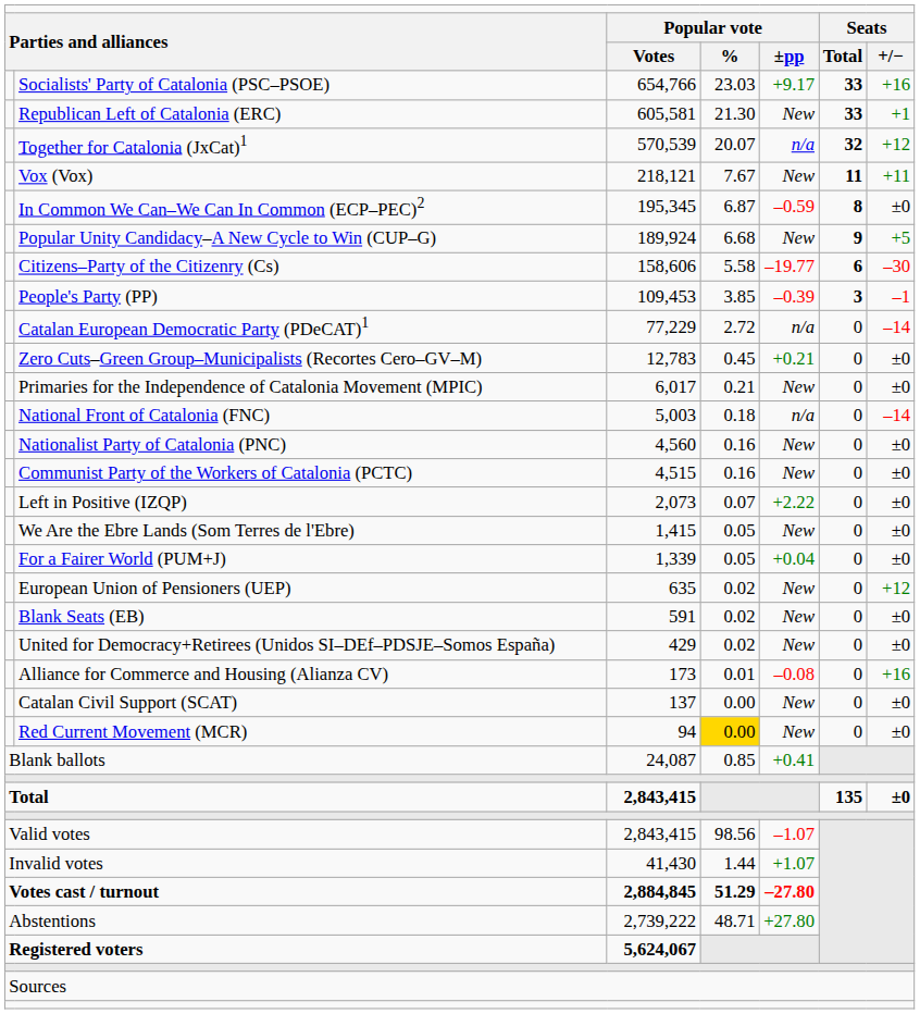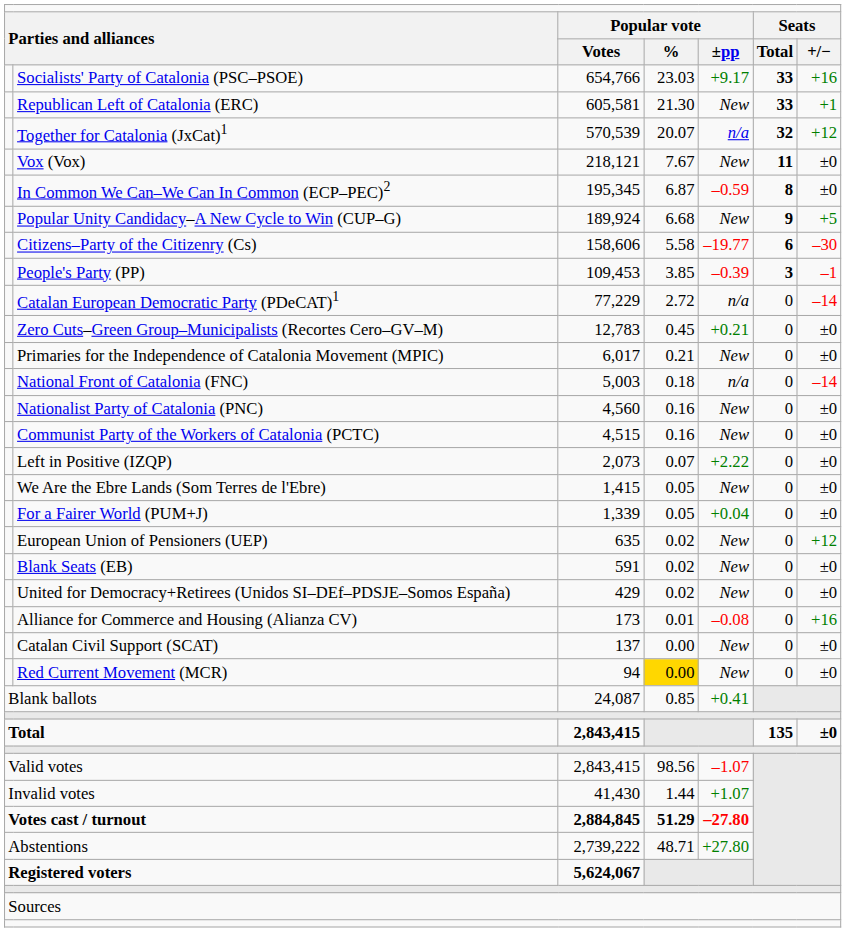 <table class="wikitable" style="text-align:right;">
 <tr>
 <td colspan="7"></td>
 </tr>
 <tr>
 <th style="text-align:left;" rowspan="2" colspan="2" width="525">Parties and alliances</th>
 <th colspan="3">Popular vote</th>
 <th colspan="2">Seats</th>
 </tr>
 <tr>
 <th width="75">Votes</th>
 <th width="45">%</th>
 <th width="45">±<a href='#'>pp</a></th>
 <th width="35">Total</th>
 <th width="35">+/−</th>
 </tr>
 <tr>
 <td width="1" style="color:inherit;background:"></td>
 <td align="left"><a href='#'>Socialists' Party of Catalonia</a> (PSC–PSOE)</td>
 <td>654,766</td>
 <td>23.03</td>
 <td style="color:green;">+9.17</td>
 <td><strong>33</strong></td>
 <td style="color:green;">+16</td>
 </tr>
 <tr>
 <td style="color:inherit;background:"></td>
 <td align="left"><a href='#'>Republican Left of Catalonia</a> (ERC)</td>
 <td>605,581</td>
 <td>21.30</td>
 <td><em>New</em></td>
 <td><strong>33</strong></td>
 <td style="color:green;">+1</td>
 </tr>
 <tr>
 <td style="color:inherit;background:"></td>
 <td align="left"><a href='#'>Together for Catalonia</a> (JxCat)<sup>1</sup></td>
 <td>570,539</td>
 <td>20.07</td>
 <td><em><a href='#'>n/a</a></em></td>
 <td><strong>32</strong></td>
 <td style="color:green;">+12</td>
 </tr>
 <tr>
 <td style="color:inherit;background:"></td>
 <td align="left"><a href='#'>Vox</a> (Vox)</td>
 <td>218,121</td>
 <td>7.67</td>
 <td><em>New</em></td>
 <td><strong>11</strong></td>
-<td style="color:green;">+11</td>
+<td>±0</td>
 </tr>
 <tr>
 <td style="color:inherit;background:"></td>
 <td align="left"><a href='#'>In Common We Can–We Can In Common</a> (ECP–PEC)<sup>2</sup></td>
 <td>195,345</td>
 <td>6.87</td>
 <td style="color:red;">–0.59</td>
 <td><strong>8</strong></td>
 <td>±0</td>
 </tr>
 <tr>
 <td style="color:inherit;background:"></td>
 <td align="left"><a href='#'>Popular Unity Candidacy</a>–<a href='#'>A New Cycle to Win</a> (CUP–G)</td>
 <td>189,924</td>
 <td>6.68</td>
 <td><em>New</em></td>
 <td><strong>9</strong></td>
 <td style="color:green;">+5</td>
 </tr>
 <tr>
 <td style="color:inherit;background:"></td>
 <td align="left"><a href='#'>Citizens–Party of the Citizenry</a> (Cs)</td>
 <td>158,606</td>
 <td>5.58</td>
 <td style="color:red;">–19.77</td>
 <td><strong>6</strong></td>
 <td style="color:red;">–30</td>
 </tr>
 <tr>
 <td style="color:inherit;background:"></td>
 <td align="left"><a href='#'>People's Party</a> (PP)</td>
 <td>109,453</td>
 <td>3.85</td>
 <td style="color:red;">–0.39</td>
 <td><strong>3</strong></td>
 <td style="color:red;">–1</td>
 </tr>
 <tr>
 <td style="color:inherit;background:"></td>
 <td align="left"><a href='#'>Catalan European Democratic Party</a> (PDeCAT)<sup>1</sup></td>
 <td>77,229</td>
 <td>2.72</td>
 <td><em>n/a</em></td>
 <td>0</td>
 <td style="color:red;">–14</td>
 </tr>
 <tr>
 <td style="color:inherit;background:"></td>
 <td align="left"><a href='#'>Zero Cuts</a>–<a href='#'>Green Group–Municipalists</a> (Recortes Cero–GV–M)</td>
 <td>12,783</td>
 <td>0.45</td>
 <td style="color:green;">+0.21</td>
 <td>0</td>
 <td>±0</td>
 </tr>
 <tr>
 <td style="color:inherit;background:"></td>
 <td align="left">Primaries for the Independence of Catalonia Movement (MPIC)</td>
 <td>6,017</td>
 <td>0.21</td>
 <td><em>New</em></td>
 <td>0</td>
 <td>±0</td>
 </tr>
 <tr>
 <td style="color:inherit;background:"></td>
 <td align="left"><a href='#'>National Front of Catalonia</a> (FNC)</td>
 <td>5,003</td>
 <td>0.18</td>
 <td><em>n/a</em></td>
 <td>0</td>
 <td style="color:red;">–14</td>
 </tr>
 <tr>
 <td style="color:inherit;background:"></td>
 <td align="left"><a href='#'>Nationalist Party of Catalonia</a> (PNC)</td>
 <td>4,560</td>
 <td>0.16</td>
 <td><em>New</em></td>
 <td>0</td>
 <td>±0</td>
 </tr>
 <tr>
 <td style="color:inherit;background:"></td>
 <td align="left"><a href='#'>Communist Party of the Workers of Catalonia</a> (PCTC)</td>
 <td>4,515</td>
 <td>0.16</td>
 <td><em>New</em></td>
 <td>0</td>
 <td>±0</td>
 </tr>
 <tr>
 <td style="color:inherit;background:"></td>
 <td align="left">Left in Positive (IZQP)</td>
 <td>2,073</td>
 <td>0.07</td>
 <td style="color:green;">+2.22</td>
 <td>0</td>
 <td>±0</td>
 </tr>
 <tr>
 <td style="color:inherit;background:"></td>
 <td align="left">We Are the Ebre Lands (Som Terres de l'Ebre)</td>
 <td>1,415</td>
 <td>0.05</td>
 <td><em>New</em></td>
 <td>0</td>
 <td>±0</td>
 </tr>
 <tr>
 <td style="color:inherit;background:"></td>
 <td align="left"><a href='#'>For a Fairer World</a> (PUM+J)</td>
 <td>1,339</td>
 <td>0.05</td>
 <td style="color:green;">+0.04</td>
 <td>0</td>
 <td>±0</td>
 </tr>
 <tr>
 <td style="color:inherit;background:"></td>
 <td align="left">European Union of Pensioners (UEP)</td>
 <td>635</td>
 <td>0.02</td>
 <td><em>New</em></td>
 <td>0</td>
 <td style="color:green;">+12</td>
 </tr>
 <tr>
 <td style="color:inherit;background:"></td>
 <td align="left"><a href='#'>Blank Seats</a> (EB)</td>
 <td>591</td>
 <td>0.02</td>
 <td><em>New</em></td>
 <td>0</td>
 <td>±0</td>
 </tr>
 <tr>
 <td style="color:inherit;background:"></td>
 <td align="left">United for Democracy+Retirees (Unidos SI–DEf–PDSJE–Somos España)</td>
 <td>429</td>
 <td>0.02</td>
 <td><em>New</em></td>
 <td>0</td>
 <td>±0</td>
 </tr>
 <tr>
 <td style="color:inherit;background:"></td>
 <td align="left">Alliance for Commerce and Housing (Alianza CV)</td>
 <td>173</td>
 <td>0.01</td>
 <td style="color:red;">–0.08</td>
 <td>0</td>
 <td style="color:green;">+16</td>
 </tr>
 <tr>
 <td style="color:inherit;background:"></td>
 <td align="left">Catalan Civil Support (SCAT)</td>
 <td>137</td>
 <td>0.00</td>
 <td><em>New</em></td>
 <td>0</td>
 <td>±0</td>
 </tr>
 <tr>
 <td style="color:inherit;background:"></td>
 <td align="left"><a href='#'>Red Current Movement</a> (MCR)</td>
 <td>94</td>
 <td style="background: gold;">0.00</td>
 <td><em>New</em></td>
 <td>0</td>
 <td>±0</td>
 </tr>
 <tr>
 <td align="left" colspan="2">Blank ballots</td>
 <td>24,087</td>
 <td>0.85</td>
 <td style="color:green;">+0.41</td>
 <td bgcolor="#E9E9E9" colspan="2"></td>
 </tr>
 <tr>
 <td colspan="7" bgcolor="#E9E9E9"></td>
 </tr>
 <tr style="font-weight:bold;">
 <td align="left" colspan="2">Total</td>
 <td>2,843,415</td>
 <td bgcolor="#E9E9E9" colspan="2"></td>
 <td>135</td>
 <td>±0</td>
 </tr>
 <tr>
 <td colspan="7" bgcolor="#E9E9E9"></td>
 </tr>
 <tr>
 <td align="left" colspan="2">Valid votes</td>
 <td>2,843,415</td>
 <td>98.56</td>
 <td style="color:red;">–1.07</td>
 <td bgcolor="#E9E9E9" colspan="2" rowspan="5"></td>
 </tr>
 <tr>
 <td align="left" colspan="2">Invalid votes</td>
 <td>41,430</td>
 <td>1.44</td>
 <td style="color:green;">+1.07</td>
 </tr>
 <tr style="font-weight:bold;">
 <td align="left" colspan="2">Votes cast / turnout</td>
 <td>2,884,845</td>
 <td>51.29</td>
 <td style="color:red;">–27.80</td>
 </tr>
 <tr>
 <td align="left" colspan="2">Abstentions</td>
 <td>2,739,222</td>
 <td>48.71</td>
 <td style="color:green;">+27.80</td>
 </tr>
 <tr style="font-weight:bold;">
 <td align="left" colspan="2">Registered voters</td>
 <td>5,624,067</td>
 <td bgcolor="#E9E9E9" colspan="2"></td>
 </tr>
 <tr>
 <td colspan="7" bgcolor="#E9E9E9"></td>
 </tr>
 <tr>
 <td align="left" colspan="7">Sources</td>
 </tr>
 <tr>
 <td colspan="7" style="text-align:left; max-width:790px;"></td>
 </tr>
 </table>
